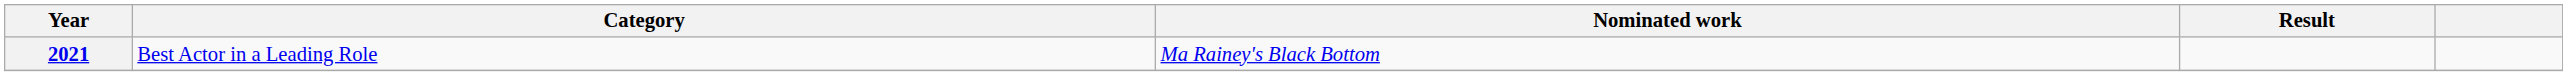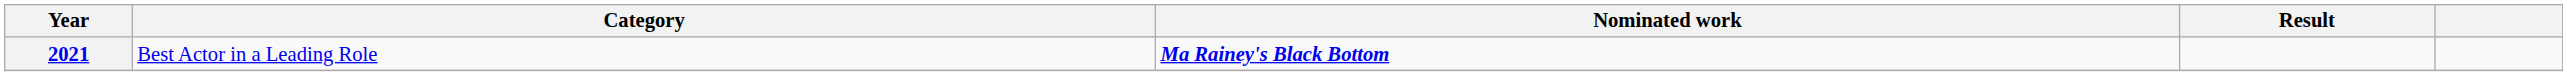 <table class="wikitable plainrowheaders" style="width:100%;">
 <tr>
 <th scope="col" style="width:5%;">Year</th>
 <th scope="col" style="width:40%;">Category</th>
 <th scope="col" style="width:40%;">Nominated work</th>
 <th scope="col" style="width:10%;">Result</th>
 <th scope="col" style="width:5%;"></th>
 </tr>
 <tr>
 <th scope="row" style="text-align:center;"><a href='#'>2021</a></th>
 <td><a href='#'>Best Actor in a Leading Role</a></td>
-<td><em><a href='#'>Ma Rainey's Black Bottom</a></em></td>
+<td><strong><em><a href='#'>Ma Rainey's Black Bottom</a></em></strong></td>
 <td></td>
 <td style="text-align:center;"></td>
 </tr>
 <tr>
 </tr>
 </table>
